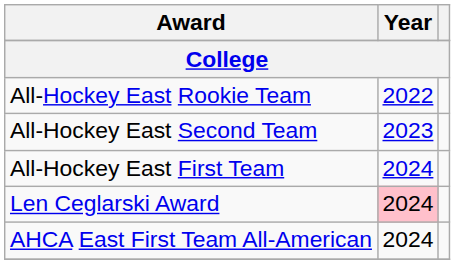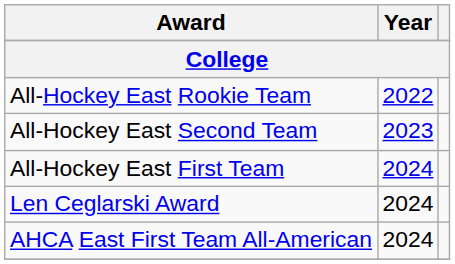 <table class="wikitable">
 <tr>
 <th>Award</th>
 <th>Year</th>
 <th></th>
 </tr>
 <tr ALIGN="center" bgcolor="#e0e0e0">
 </tr>
 <tr ALIGN="center" bgcolor="#e0e0e0">
 <th colspan="3"><a href='#'>College</a></th>
 </tr>
 <tr>
 <td>All-<a href='#'>Hockey East</a> <a href='#'>Rookie Team</a></td>
 <td><a href='#'>2022</a></td>
 <td></td>
 </tr>
 <tr>
 <td>All-Hockey East <a href='#'>Second Team</a></td>
 <td><a href='#'>2023</a></td>
 <td></td>
 </tr>
 <tr>
 <td>All-Hockey East <a href='#'>First Team</a></td>
 <td><a href='#'>2024</a></td>
 <td></td>
 </tr>
 <tr>
 <td><a href='#'>Len Ceglarski Award</a></td>
-<td style="background: pink;">2024</td>
+<td>2024</td>
 <td></td>
 </tr>
 <tr>
 <td><a href='#'>AHCA</a> <a href='#'>East First Team All-American</a></td>
 <td>2024</td>
 <td></td>
 </tr>
 <tr>
 </tr>
 </table>
